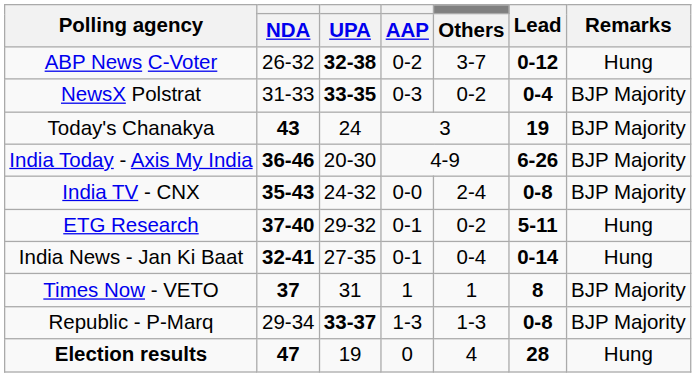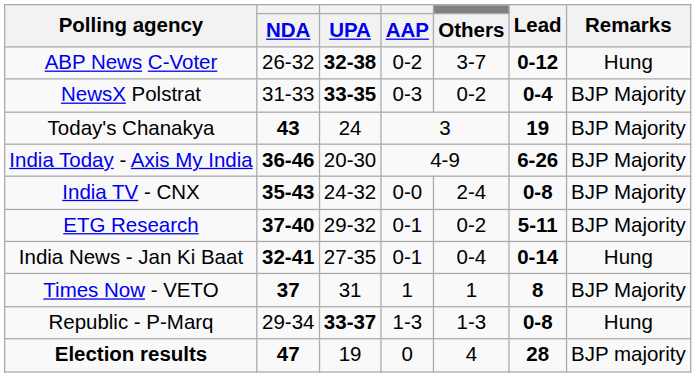 <table class="wikitable sortable" style="text-align:center">
 <tr>
 <th rowspan="2">Polling agency</th>
 <th style="background:"></th>
 <th style="background:"></th>
 <th style="text-align:center; background:"></th>
 <th style="background:gray;"></th>
 <th rowspan="2">Lead</th>
 <th rowspan="2">Remarks</th>
 </tr>
 <tr>
 <th><a href='#'>NDA</a></th>
 <th><a href='#'>UPA</a></th>
 <th><a href='#'>AAP</a></th>
 <th>Others</th>
 </tr>
 <tr>
 <td><a href='#'>ABP News</a> <a href='#'>C-Voter</a></td>
 <td>26-32</td>
 <td><strong>32-38</strong></td>
 <td>0-2</td>
 <td>3-7</td>
 <td><strong>0-12</strong></td>
 <td>Hung</td>
 </tr>
 <tr>
 <td><a href='#'>NewsX</a> Polstrat</td>
 <td>31-33</td>
 <td><strong>33-35</strong></td>
 <td>0-3</td>
 <td>0-2</td>
 <td><strong>0-4</strong></td>
 <td>BJP Majority</td>
 </tr>
 <tr>
 <td>Today's Chanakya</td>
 <td><strong>43</strong></td>
 <td>24</td>
 <td colspan="2">3</td>
 <td><strong>19</strong></td>
 <td>BJP Majority</td>
 </tr>
 <tr>
 <td><a href='#'>India Today</a> - <a href='#'>Axis My India</a></td>
 <td><strong>36-46</strong></td>
 <td>20-30</td>
 <td colspan="2">4-9</td>
 <td><strong>6-26</strong></td>
 <td>BJP Majority</td>
 </tr>
 <tr>
 <td><a href='#'>India TV</a> - CNX</td>
 <td><strong>35-43</strong></td>
 <td>24-32</td>
 <td>0-0</td>
 <td>2-4</td>
 <td><strong>0-8</strong></td>
 <td>BJP Majority</td>
 </tr>
 <tr>
 <td><a href='#'>ETG Research</a></td>
 <td><strong>37-40</strong></td>
 <td>29-32</td>
 <td>0-1</td>
 <td>0-2</td>
 <td><strong>5-11</strong></td>
-<td>Hung</td>
+<td>BJP Majority</td>
 </tr>
 <tr>
 <td>India News - Jan Ki Baat</td>
 <td><strong>32-41</strong></td>
 <td>27-35</td>
 <td>0-1</td>
 <td>0-4</td>
 <td><strong>0-14</strong></td>
 <td>Hung</td>
 </tr>
 <tr>
 <td><a href='#'>Times Now</a> - VETO</td>
 <td><strong>37</strong></td>
 <td>31</td>
 <td>1</td>
 <td>1</td>
 <td><strong>8</strong></td>
 <td>BJP Majority</td>
 </tr>
 <tr>
 <td>Republic - P-Marq</td>
 <td>29-34</td>
 <td><strong>33-37</strong></td>
 <td>1-3</td>
 <td>1-3</td>
 <td><strong>0-8</strong></td>
-<td>BJP Majority</td>
+<td>Hung</td>
 </tr>
 <tr>
 <td style="background:"><strong>Election results</strong></td>
 <td><strong>47</strong></td>
 <td style="background:">19</td>
 <td style="background:">0</td>
 <td style="background:">4</td>
 <td><strong>28</strong></td>
-<td>Hung</td>
+<td style="background:">BJP majority</td>
 </tr>
 </table>
